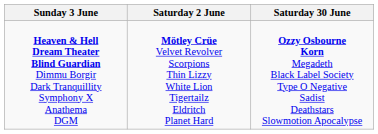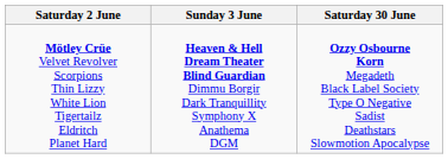 <table class="wikitable">
 <tr>
+<th>Saturday 2 June</th>
 <th>Sunday 3 June</th>
-<th>Saturday 2 June</th>
 <th>Saturday 30 June</th>
 </tr>
 <tr>
+<td valign="top" align="center" width=185><br><strong><a href='#'>Mötley Crüe</a></strong> <br><a href='#'>Velvet Revolver</a> <br><a href='#'>Scorpions</a> <br><a href='#'>Thin Lizzy</a> <br><a href='#'>White Lion</a> <br><a href='#'>Tigertailz</a> <br><a href='#'>Eldritch</a> <br><a href='#'>Planet Hard</a></td>
 <td valign="top" align="center" width=185><br><strong><a href='#'>Heaven & Hell</a></strong> <br><strong><a href='#'>Dream Theater</a></strong> <br><strong><a href='#'>Blind Guardian</a></strong> <br><a href='#'>Dimmu Borgir</a> <br><a href='#'>Dark Tranquillity</a> <br><a href='#'>Symphony X</a> <br><a href='#'>Anathema</a> <br><a href='#'>DGM</a></td>
-<td valign="top" align="center" width=185><br><strong><a href='#'>Mötley Crüe</a></strong> <br><a href='#'>Velvet Revolver</a> <br><a href='#'>Scorpions</a> <br><a href='#'>Thin Lizzy</a> <br><a href='#'>White Lion</a> <br><a href='#'>Tigertailz</a> <br><a href='#'>Eldritch</a> <br><a href='#'>Planet Hard</a></td>
 <td valign="top" align="center" width=185><br><strong><a href='#'>Ozzy Osbourne</a></strong> <br><strong><a href='#'>Korn</a></strong> <br><a href='#'>Megadeth</a> <br><a href='#'>Black Label Society</a> <br><a href='#'>Type O Negative</a> <br><a href='#'>Sadist</a> <br><a href='#'>Deathstars</a> <br><a href='#'>Slowmotion Apocalypse</a></td>
 </tr>
 </table>
